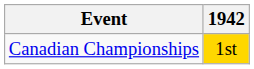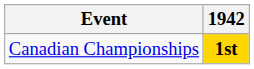 <table class="wikitable">
 <tr>
 <th>Event</th>
 <th>1942</th>
 </tr>
 <tr>
 <td><a href='#'>Canadian Championships</a></td>
-<td align="center" bgcolor="gold">1st</td>
+<td align="center" bgcolor="gold"><strong>1st</strong></td>
 </tr>
 </table>
